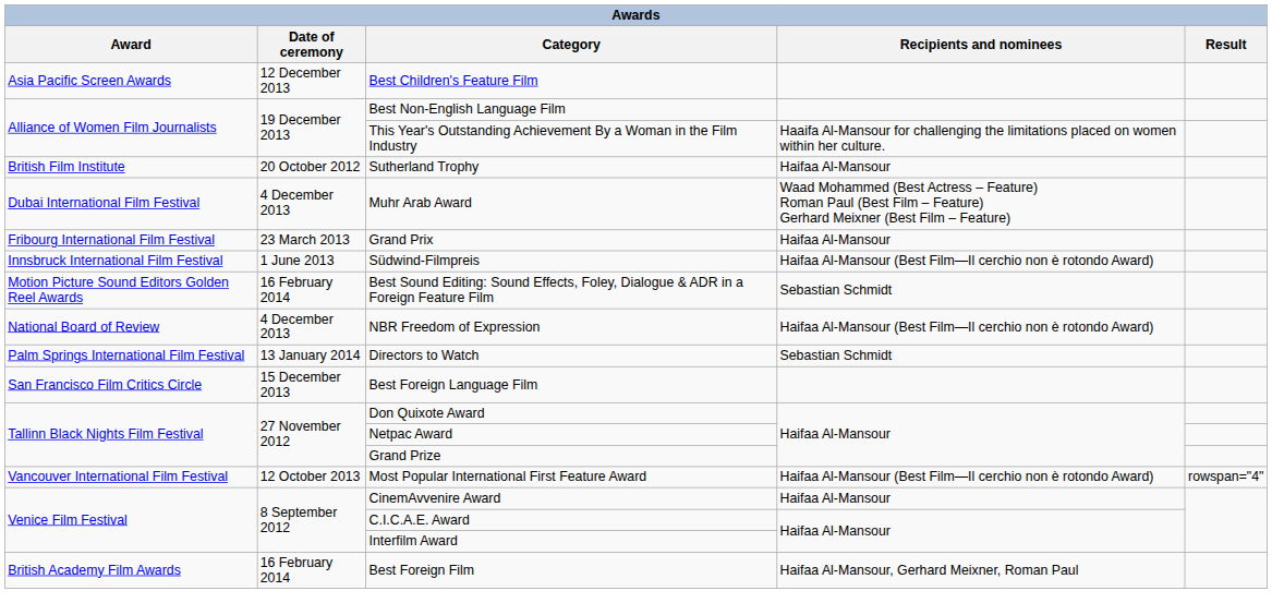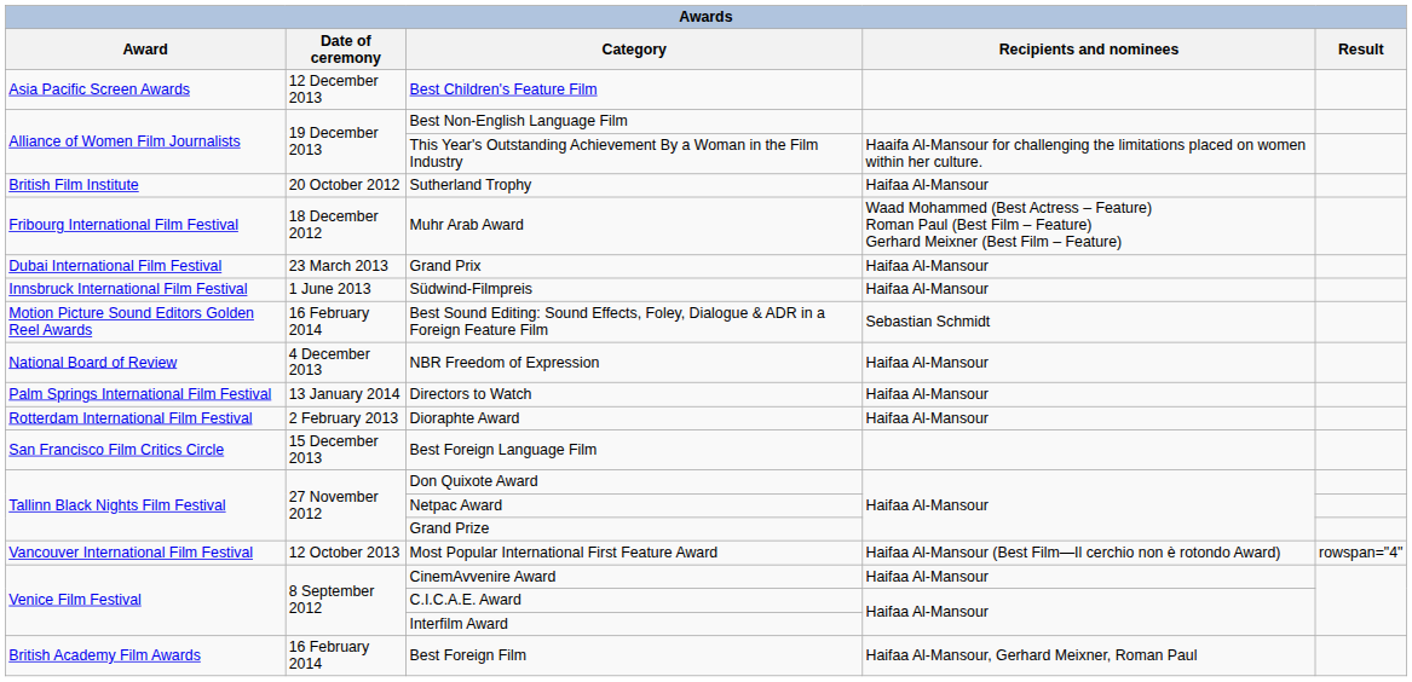 <table class="wikitable sortable" style="width:95%;">
 <tr>
 <th colspan="5" style="background: LightSteelBlue;">Awards</th>
 </tr>
 <tr>
 <th>Award</th>
 <th>Date of ceremony</th>
 <th>Category</th>
 <th>Recipients and nominees</th>
 <th>Result</th>
 </tr>
 <tr>
 <td><a href='#'>Asia Pacific Screen Awards</a></td>
 <td>12 December 2013</td>
 <td><a href='#'>Best Children's Feature Film</a></td>
 <td></td>
 <td></td>
 </tr>
 <tr>
 <td rowspan="2"><a href='#'>Alliance of Women Film Journalists</a></td>
 <td rowspan="2">19 December 2013</td>
 <td>Best Non-English Language Film</td>
 <td></td>
 <td></td>
 </tr>
 <tr>
 <td>This Year's Outstanding Achievement By a Woman in the Film Industry</td>
 <td>Haaifa Al-Mansour for challenging the limitations placed on women within her culture.</td>
 <td></td>
 </tr>
 <tr>
 <td><a href='#'>British Film Institute</a></td>
 <td>20 October 2012</td>
 <td>Sutherland Trophy</td>
 <td>Haifaa Al-Mansour</td>
 <td></td>
 </tr>
 <tr>
-<td><a href='#'>Dubai International Film Festival</a></td>
-<td>4 December 2013</td>
+<td><a href='#'>Fribourg International Film Festival</a></td>
+<td>18 December 2012</td>
 <td>Muhr Arab Award</td>
 <td>Waad Mohammed (Best Actress – Feature)<br>Roman Paul (Best Film – Feature)<br>Gerhard Meixner (Best Film – Feature)</td>
 <td></td>
 </tr>
 <tr>
-<td><a href='#'>Fribourg International Film Festival</a></td>
+<td><a href='#'>Dubai International Film Festival</a></td>
 <td>23 March 2013</td>
 <td>Grand Prix</td>
 <td>Haifaa Al-Mansour</td>
 <td></td>
 </tr>
 <tr>
 <td><a href='#'>Innsbruck International Film Festival</a></td>
 <td>1 June 2013</td>
 <td>Südwind-Filmpreis</td>
-<td>Haifaa Al-Mansour (Best Film—Il cerchio non è rotondo Award)</td>
+<td>Haifaa Al-Mansour</td>
 <td></td>
 </tr>
 <tr>
 <td><a href='#'>Motion Picture Sound Editors Golden Reel Awards</a></td>
 <td>16 February 2014</td>
 <td>Best Sound Editing: Sound Effects, Foley, Dialogue & ADR in a Foreign Feature Film</td>
 <td>Sebastian Schmidt</td>
 <td></td>
 </tr>
 <tr>
 <td><a href='#'>National Board of Review</a></td>
 <td>4 December 2013</td>
 <td>NBR Freedom of Expression</td>
-<td>Haifaa Al-Mansour (Best Film—Il cerchio non è rotondo Award)</td>
+<td>Haifaa Al-Mansour</td>
 <td></td>
 </tr>
 <tr>
 <td><a href='#'>Palm Springs International Film Festival</a></td>
 <td>13 January 2014</td>
 <td>Directors to Watch</td>
-<td>Sebastian Schmidt</td>
+<td>Haifaa Al-Mansour</td>
+<td></td>
+</tr>
+<tr>
+<td><a href='#'>Rotterdam International Film Festival</a></td>
+<td>2 February 2013</td>
+<td>Dioraphte Award</td>
+<td>Haifaa Al-Mansour</td>
 <td></td>
 </tr>
 <tr>
 <td><a href='#'>San Francisco Film Critics Circle</a></td>
 <td>15 December 2013</td>
 <td>Best Foreign Language Film</td>
 <td></td>
 <td></td>
 </tr>
 <tr>
 <td rowspan="3"><a href='#'>Tallinn Black Nights Film Festival</a></td>
 <td rowspan="3">27 November 2012</td>
 <td>Don Quixote Award</td>
 <td rowspan="3">Haifaa Al-Mansour</td>
 <td></td>
 </tr>
 <tr>
 <td>Netpac Award</td>
 <td></td>
 </tr>
 <tr>
 <td>Grand Prize</td>
 <td></td>
 </tr>
 <tr>
 <td><a href='#'>Vancouver International Film Festival</a></td>
 <td>12 October 2013</td>
 <td>Most Popular International First Feature Award</td>
 <td>Haifaa Al-Mansour (Best Film—Il cerchio non è rotondo Award)</td>
 <td>rowspan="4" </td>
 </tr>
 <tr>
 <td rowspan="3"><a href='#'>Venice Film Festival</a></td>
 <td rowspan="3">8 September 2012</td>
 <td>CinemAvvenire Award</td>
 <td>Haifaa Al-Mansour</td>
 </tr>
 <tr>
 <td>C.I.C.A.E. Award</td>
 <td rowspan="2">Haifaa Al-Mansour</td>
 </tr>
 <tr>
 <td>Interfilm Award</td>
 </tr>
 <tr>
 <td><a href='#'>British Academy Film Awards</a></td>
 <td>16 February 2014</td>
 <td>Best Foreign Film</td>
 <td>Haifaa Al-Mansour, Gerhard Meixner, Roman Paul</td>
 <td></td>
 </tr>
 </table>
